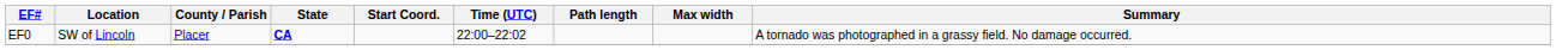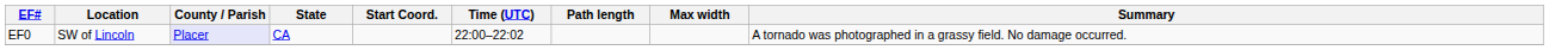 <table class="wikitable sortable" style="width:100%;">
 <tr>
 <th scope="col" style="width:3%; text-align:center;"><a href='#'>EF#</a></th>
 <th scope="col" style="width:7%; text-align:center;" class="unsortable">Location</th>
 <th scope="col" style="width:6%; text-align:center;" class="unsortable">County / Parish</th>
 <th scope="col" style="width:5%; text-align:center;">State</th>
 <th scope="col" style="width:6%; text-align:center;">Start Coord.</th>
 <th scope="col" style="width:6%; text-align:center;">Time (<a href='#'>UTC</a>)</th>
 <th scope="col" style="width:6%; text-align:center;">Path length</th>
 <th scope="col" style="width:6%; text-align:center;">Max width</th>
 <th scope="col" class="unsortable" style="width:48%; text-align:center;">Summary</th>
 </tr>
 <tr>
 <td>EF0</td>
 <td>SW of <a href='#'>Lincoln</a></td>
-<td><a href='#'>Placer</a></td>
-<td><strong><a href='#'>CA</a></strong></td>
+<td style="background: lavender;"><a href='#'>Placer</a></td>
+<td><a href='#'>CA</a></td>
 <td></td>
 <td>22:00–22:02</td>
 <td></td>
 <td></td>
 <td>A tornado was photographed in a grassy field. No damage occurred.</td>
 </tr>
 <tr>
 </tr>
 </table>
